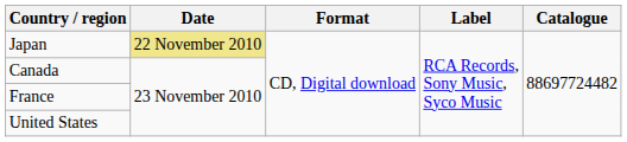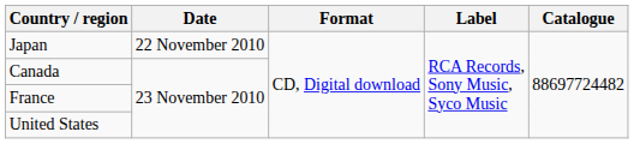 <table class="wikitable">
 <tr>
 <th>Country / region</th>
 <th>Date</th>
 <th>Format</th>
 <th>Label</th>
 <th>Catalogue</th>
 </tr>
 <tr>
 <td>Japan</td>
-<td style="background: khaki;">22 November 2010</td>
+<td>22 November 2010</td>
 <td rowspan=4>CD, <a href='#'>Digital download</a></td>
 <td rowspan=4><a href='#'>RCA Records</a>,<br><a href='#'>Sony Music</a>, <br><a href='#'>Syco Music</a></td>
 <td rowspan=4>88697724482</td>
 </tr>
 <tr>
 <td>Canada</td>
 <td rowspan=3>23 November 2010</td>
 </tr>
 <tr>
 <td>France</td>
 </tr>
 <tr>
 <td>United States</td>
 </tr>
 </table>
